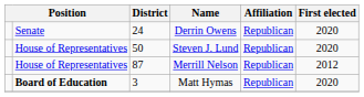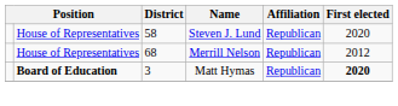 <table class="wikitable">
 <tr>
 <th colspan="2" style="text-align:center; vertical-align:bottom;">Position</th>
 <th>District</th>
 <th style="text-align:center;">Name</th>
 <th valign="bottom">Affiliation</th>
 <th style="vertical-align:bottom; text-align:center;">First elected</th>
 </tr>
 <tr>
 <td style="background-color:"> </td>
-<td><a href='#'>Senate</a></td>
-<td>24</td>
-<td style="text-align:center;"><a href='#'>Derrin Owens</a></td>
-<td style="text-align:center;"><a href='#'>Republican</a></td>
-<td style="text-align:center;">2020</td>
-</tr>
-<tr>
-<td style="background-color:"> </td>
 <td><a href='#'>House of Representatives</a></td>
-<td>50</td>
+<td>58</td>
 <td style="text-align:center;"><a href='#'>Steven J. Lund</a></td>
 <td style="text-align:center;"><a href='#'>Republican</a></td>
 <td style="text-align:center;">2020</td>
 </tr>
 <tr>
 <td style="background-color:"> </td>
 <td><a href='#'>House of Representatives</a></td>
-<td>87</td>
+<td>68</td>
 <td style="text-align:center;"><a href='#'>Merrill Nelson</a></td>
 <td style="text-align:center;"><a href='#'>Republican</a></td>
 <td style="text-align:center;">2012</td>
 </tr>
 <tr>
 <td style="background-color:"> </td>
 <td><strong>Board of Education</strong></td>
 <td>3</td>
 <td style="text-align:center;">Matt Hymas</td>
 <td style="text-align:center;"><a href='#'>Republican</a></td>
-<td style="text-align:center;">2020</td>
+<td style="text-align:center;"><strong>2020</strong></td>
 </tr>
 <tr>
 </tr>
 </table>
